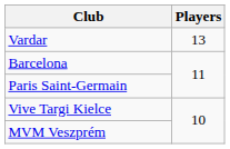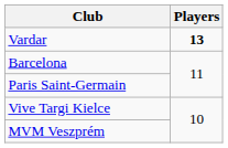 <table class="wikitable sortable">
 <tr>
 <th style=width:11em>Club</th>
 <th>Players</th>
 </tr>
 <tr>
 <td> <a href='#'>Vardar</a></td>
-<td align=center>13</td>
+<td align=center><strong>13</strong></td>
 </tr>
 <tr>
 <td> <a href='#'>Barcelona</a></td>
 <td align="center" rowspan="2">11</td>
 </tr>
 <tr>
 <td> <a href='#'>Paris Saint-Germain</a></td>
 </tr>
 <tr>
 <td> <a href='#'>Vive Targi Kielce</a></td>
 <td align="center" rowspan="2">10</td>
 </tr>
 <tr>
 <td> <a href='#'>MVM Veszprém</a></td>
 </tr>
 </table>
